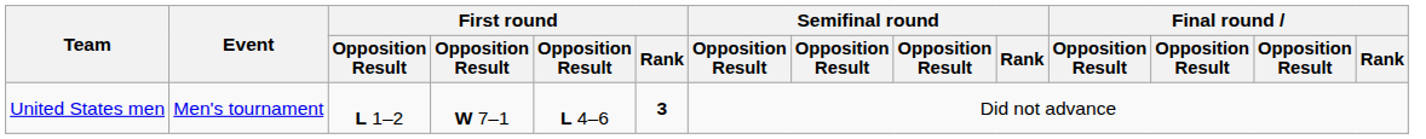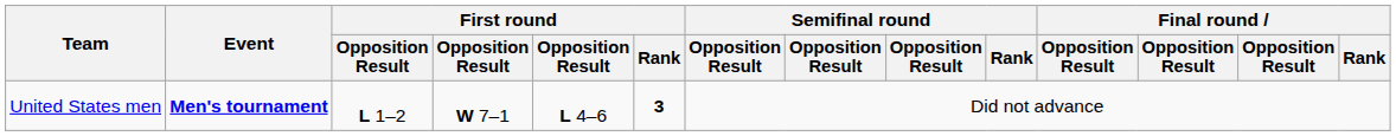 <table class=wikitable style=font-size:90%>
 <tr>
 <th rowspan=2>Team</th>
 <th rowspan=2>Event</th>
 <th colspan=4>First round</th>
 <th colspan=4>Semifinal round</th>
 <th colspan=4>Final round / </th>
 </tr>
 <tr style=font-size:95%>
 <th>Opposition<br>Result</th>
 <th>Opposition<br>Result</th>
 <th>Opposition<br>Result</th>
 <th>Rank</th>
 <th>Opposition<br>Result</th>
 <th>Opposition<br>Result</th>
 <th>Opposition<br>Result</th>
 <th>Rank</th>
 <th>Opposition<br>Result</th>
 <th>Opposition<br>Result</th>
 <th>Opposition<br>Result</th>
 <th>Rank</th>
 </tr>
 <tr align=center>
 <td align=left><a href='#'>United States men</a></td>
-<td align=left><a href='#'>Men's tournament</a></td>
+<td align=left><strong><a href='#'>Men's tournament</a></strong></td>
 <td><br><strong>L</strong> 1–2</td>
 <td><br><strong>W</strong> 7–1</td>
 <td><br><strong>L</strong> 4–6</td>
 <td><strong>3</strong></td>
 <td colspan=9>Did not advance</td>
 </tr>
 </table>
